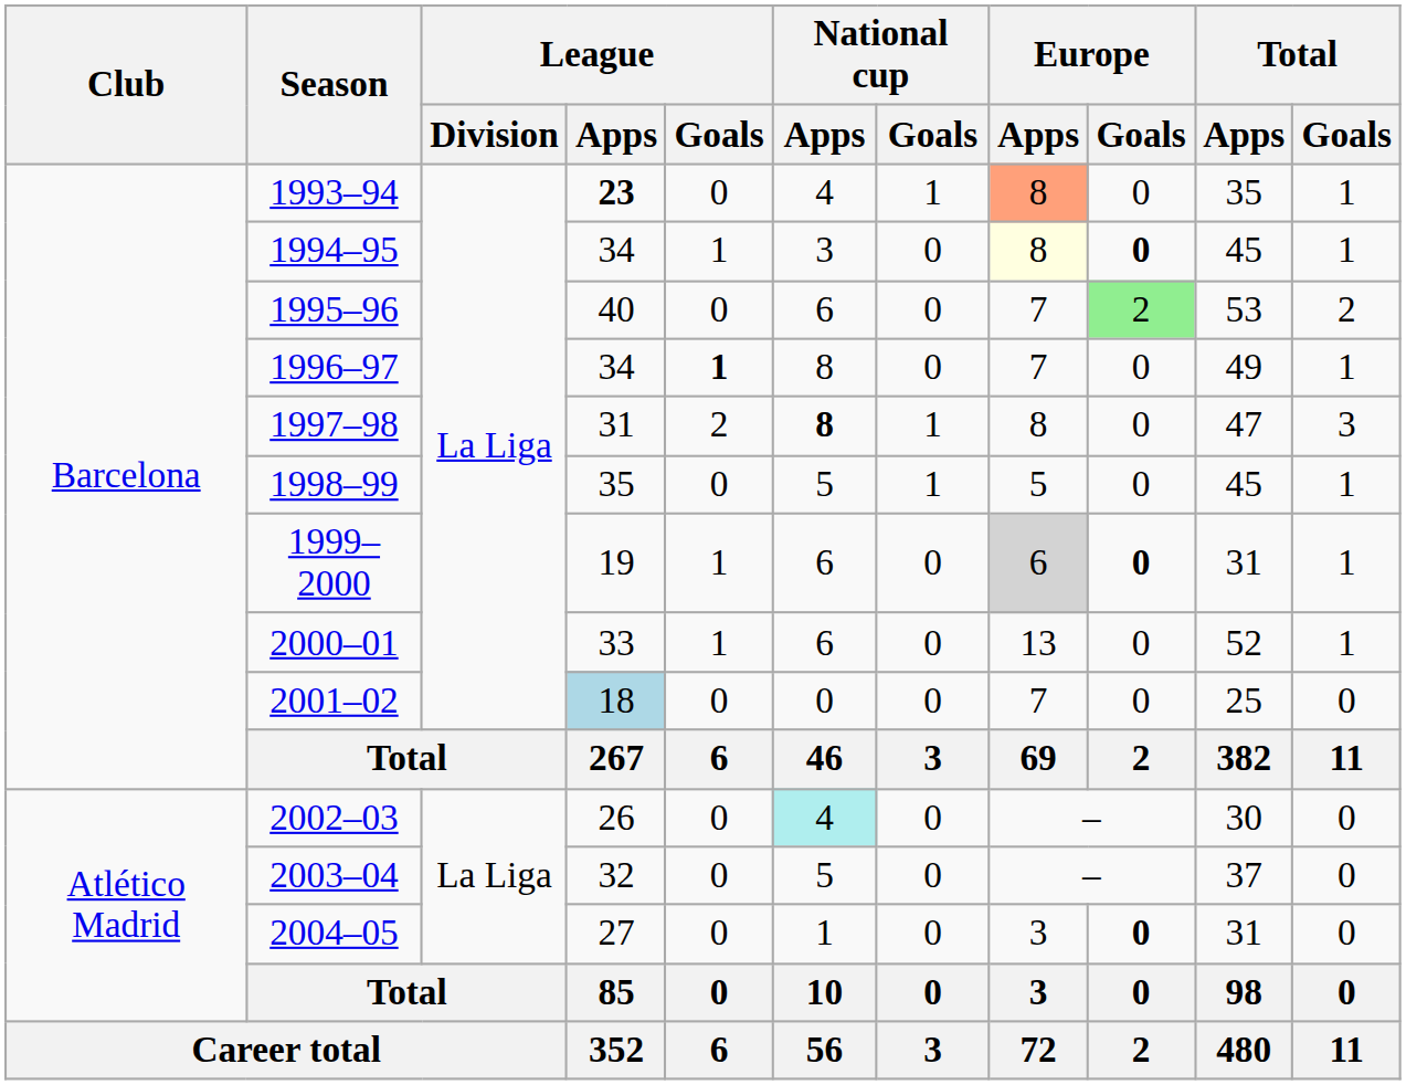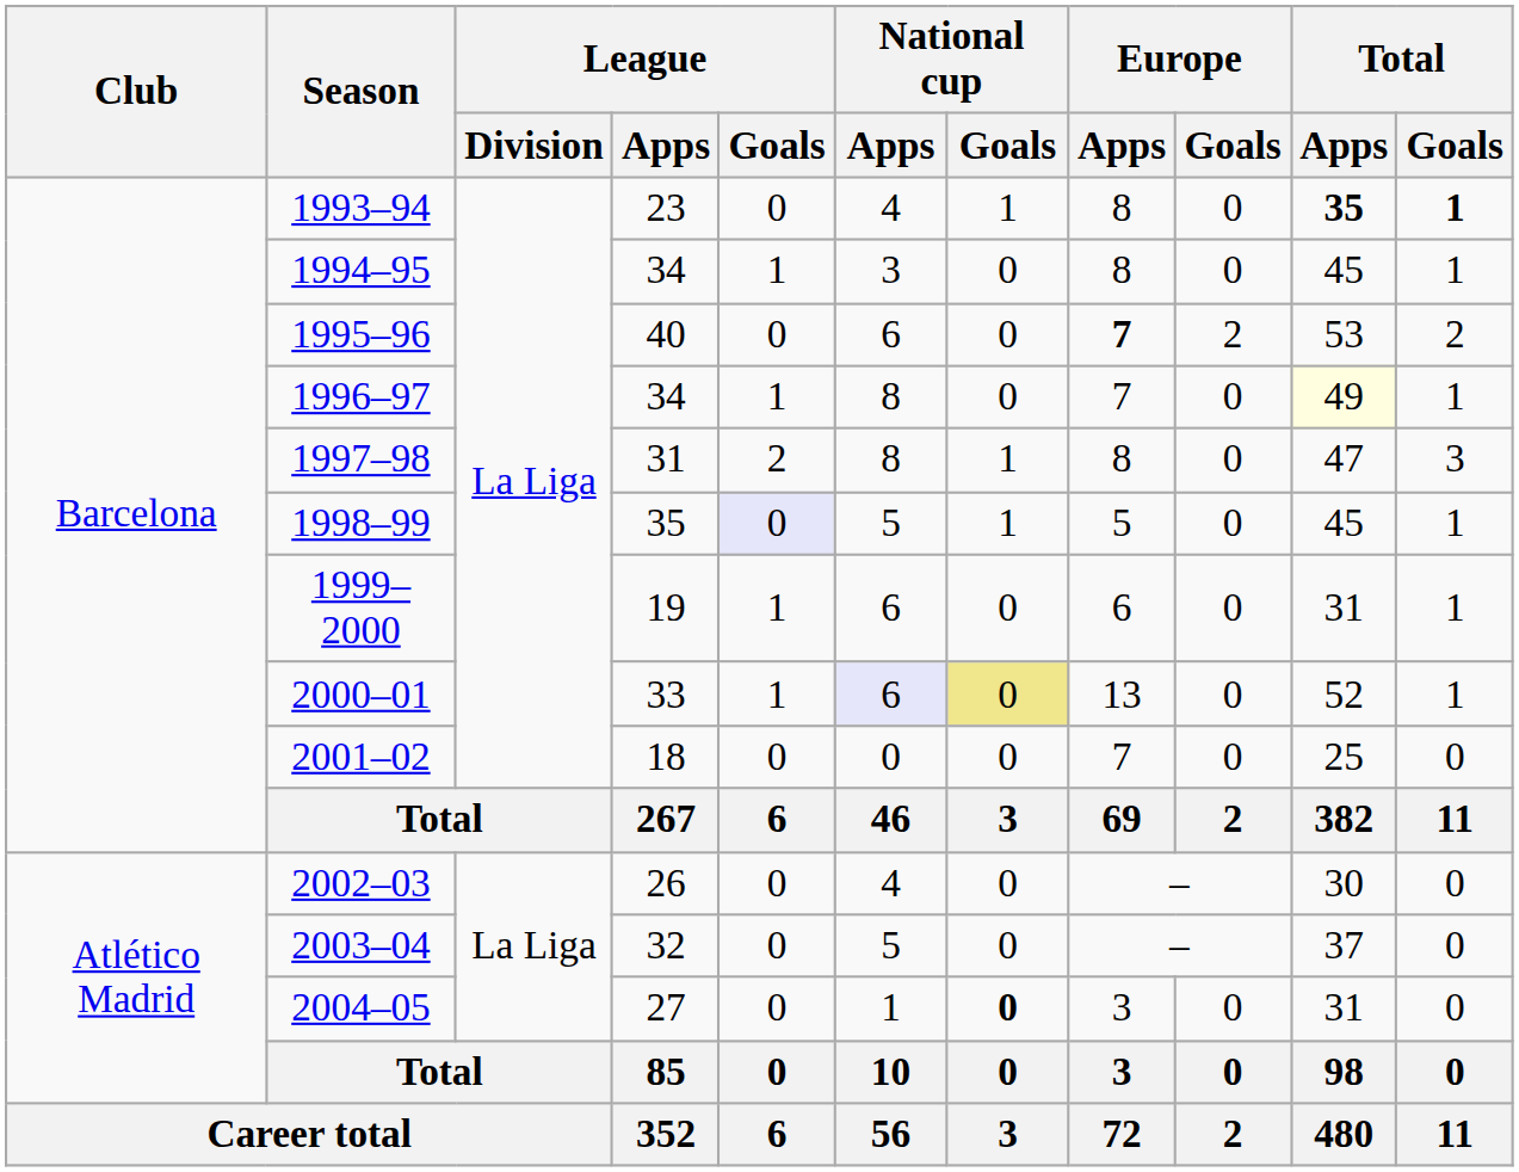 <table class="wikitable" style="text-align:center">
 <tr>
 <th rowspan="2">Club</th>
 <th rowspan="2">Season</th>
 <th colspan="3">League</th>
 <th colspan="2">National cup</th>
 <th colspan="2">Europe</th>
 <th colspan="2">Total</th>
 </tr>
 <tr>
 <th>Division</th>
 <th>Apps</th>
 <th>Goals</th>
 <th>Apps</th>
 <th>Goals</th>
 <th>Apps</th>
 <th>Goals</th>
 <th>Apps</th>
 <th>Goals</th>
 </tr>
 <tr>
 <td rowspan="10"><a href='#'>Barcelona</a></td>
 <td><a href='#'>1993–94</a></td>
 <td rowspan="9"><a href='#'>La Liga</a></td>
-<td><strong>23</strong></td>
+<td>23</td>
 <td>0</td>
 <td>4</td>
 <td>1</td>
-<td style="background: lightsalmon;">8</td>
+<td>8</td>
 <td>0</td>
-<td>35</td>
-<td>1</td>
+<td><strong>35</strong></td>
+<td><strong>1</strong></td>
 </tr>
 <tr>
 <td><a href='#'>1994–95</a></td>
 <td>34</td>
 <td>1</td>
 <td>3</td>
 <td>0</td>
-<td style="background: lightyellow;">8</td>
-<td><strong>0</strong></td>
+<td>8</td>
+<td>0</td>
 <td>45</td>
 <td>1</td>
 </tr>
 <tr>
 <td><a href='#'>1995–96</a></td>
 <td>40</td>
 <td>0</td>
 <td>6</td>
 <td>0</td>
-<td>7</td>
-<td style="background: lightgreen;">2</td>
+<td><strong>7</strong></td>
+<td>2</td>
 <td>53</td>
 <td>2</td>
 </tr>
 <tr>
 <td><a href='#'>1996–97</a></td>
 <td>34</td>
-<td><strong>1</strong></td>
+<td>1</td>
 <td>8</td>
 <td>0</td>
 <td>7</td>
 <td>0</td>
-<td>49</td>
+<td style="background: lightyellow;">49</td>
 <td>1</td>
 </tr>
 <tr>
 <td><a href='#'>1997–98</a></td>
 <td>31</td>
 <td>2</td>
-<td><strong>8</strong></td>
+<td>8</td>
 <td>1</td>
 <td>8</td>
 <td>0</td>
 <td>47</td>
 <td>3</td>
 </tr>
 <tr>
 <td><a href='#'>1998–99</a></td>
 <td>35</td>
-<td>0</td>
+<td style="background: lavender;">0</td>
 <td>5</td>
 <td>1</td>
 <td>5</td>
 <td>0</td>
 <td>45</td>
 <td>1</td>
 </tr>
 <tr>
 <td><a href='#'>1999–2000</a></td>
 <td>19</td>
 <td>1</td>
 <td>6</td>
 <td>0</td>
-<td style="background: lightgrey;">6</td>
-<td><strong>0</strong></td>
+<td>6</td>
+<td>0</td>
 <td>31</td>
 <td>1</td>
 </tr>
 <tr>
 <td><a href='#'>2000–01</a></td>
 <td>33</td>
 <td>1</td>
-<td>6</td>
-<td>0</td>
+<td style="background: lavender;">6</td>
+<td style="background: khaki;">0</td>
 <td>13</td>
 <td>0</td>
 <td>52</td>
 <td>1</td>
 </tr>
 <tr>
 <td><a href='#'>2001–02</a></td>
-<td style="background: lightblue;">18</td>
+<td>18</td>
 <td>0</td>
 <td>0</td>
 <td>0</td>
 <td>7</td>
 <td>0</td>
 <td>25</td>
 <td>0</td>
 </tr>
 <tr>
 <th colspan="2">Total</th>
 <th>267</th>
 <th>6</th>
 <th>46</th>
 <th>3</th>
 <th>69</th>
 <th>2</th>
 <th>382</th>
 <th>11</th>
 </tr>
 <tr>
 <td rowspan="4"><a href='#'>Atlético Madrid</a></td>
 <td><a href='#'>2002–03</a></td>
 <td rowspan="3">La Liga</td>
 <td>26</td>
 <td>0</td>
-<td style="background: paleturquoise;">4</td>
+<td>4</td>
 <td>0</td>
 <td colspan="2">–</td>
 <td>30</td>
 <td>0</td>
 </tr>
 <tr>
 <td><a href='#'>2003–04</a></td>
 <td>32</td>
 <td>0</td>
 <td>5</td>
 <td>0</td>
 <td colspan="2">–</td>
 <td>37</td>
 <td>0</td>
 </tr>
 <tr>
 <td><a href='#'>2004–05</a></td>
 <td>27</td>
 <td>0</td>
 <td>1</td>
+<td><strong>0</strong></td>
+<td>3</td>
 <td>0</td>
-<td>3</td>
-<td><strong>0</strong></td>
 <td>31</td>
 <td>0</td>
 </tr>
 <tr>
 <th colspan="2">Total</th>
 <th>85</th>
 <th>0</th>
 <th>10</th>
 <th>0</th>
 <th>3</th>
 <th>0</th>
 <th>98</th>
 <th>0</th>
 </tr>
 <tr>
 <th colspan="3">Career total</th>
 <th>352</th>
 <th>6</th>
 <th>56</th>
 <th>3</th>
 <th>72</th>
 <th>2</th>
 <th>480</th>
 <th>11</th>
 </tr>
 </table>
